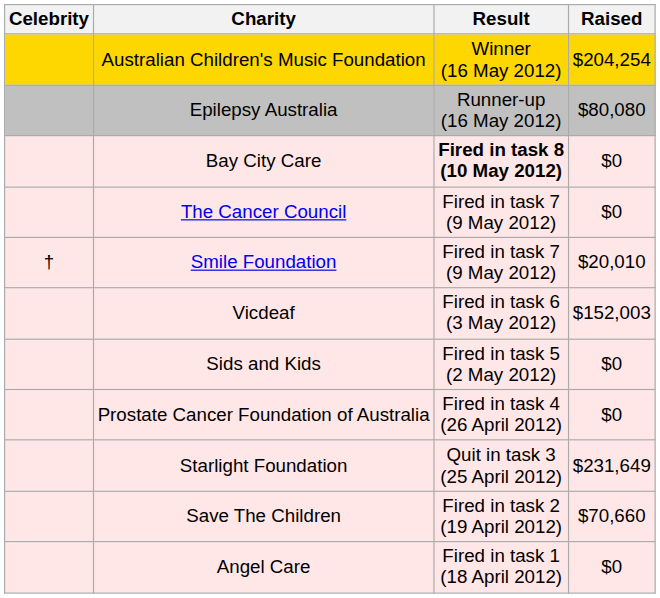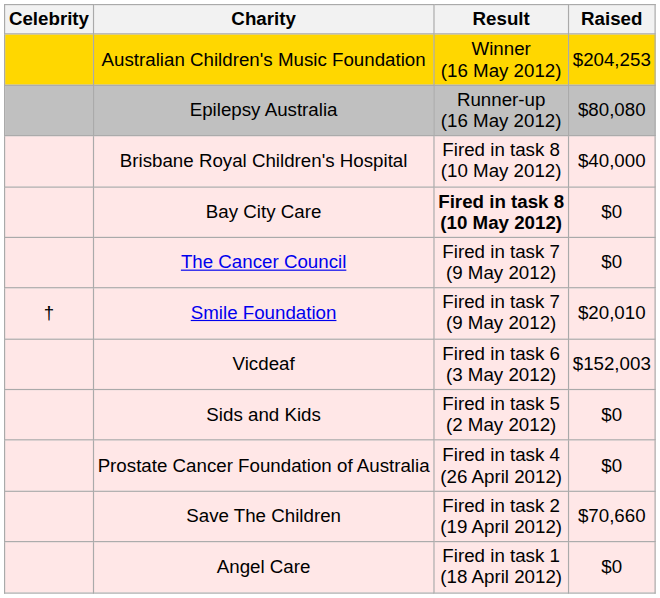 <table class="wikitable" style="text-align:center;">
 <tr>
 <th>Celebrity</th>
 <th>Charity</th>
 <th>Result</th>
 <th>Raised</th>
 </tr>
 <tr style="background:gold;">
 <td></td>
 <td>Australian Children's Music Foundation</td>
 <td>Winner<br>(16 May 2012)</td>
-<td>$204,254</td>
+<td>$204,253</td>
 </tr>
 <tr style="background:silver;">
 <td></td>
 <td>Epilepsy Australia</td>
 <td>Runner-up<br>(16 May 2012)</td>
 <td>$80,080</td>
+</tr>
+<tr style="background:#ffe7e7;">
+<td></td>
+<td>Brisbane Royal Children's Hospital</td>
+<td>Fired in task 8 <br>(10 May 2012)</td>
+<td>$40,000</td>
 </tr>
 <tr style="background:#ffe7e7;">
 <td></td>
 <td>Bay City Care</td>
 <td><strong>Fired in task 8 <br>(10 May 2012)</strong></td>
 <td>$0</td>
 </tr>
 <tr style="background:#ffe7e7;">
 <td></td>
 <td><a href='#'>The Cancer Council</a></td>
 <td>Fired in task 7 <br>(9 May 2012)</td>
 <td>$0</td>
 </tr>
 <tr style="background:#ffe7e7;">
 <td>†</td>
 <td><a href='#'>Smile Foundation</a></td>
 <td>Fired in task 7 <br>(9 May 2012)</td>
 <td>$20,010</td>
 </tr>
 <tr style="background:#ffe7e7;">
 <td></td>
 <td>Vicdeaf</td>
 <td>Fired in task 6 <br>(3 May 2012)</td>
 <td>$152,003</td>
 </tr>
 <tr style="background:#ffe7e7;">
 <td></td>
 <td>Sids and Kids</td>
 <td>Fired in task 5 <br>(2 May 2012)</td>
 <td>$0</td>
 </tr>
 <tr style="background:#ffe7e7;">
 <td></td>
 <td>Prostate Cancer Foundation of Australia</td>
 <td>Fired in task 4 <br>(26 April 2012)</td>
 <td>$0</td>
 </tr>
 <tr style="background:#ffe7e7;">
 <td></td>
-<td>Starlight Foundation</td>
-<td>Quit in task 3 <br>(25 April 2012)</td>
-<td>$231,649</td>
-</tr>
-<tr style="background:#ffe7e7;">
-<td></td>
 <td>Save The Children</td>
 <td>Fired in task 2<br>(19 April 2012)</td>
 <td>$70,660</td>
 </tr>
 <tr style="background:#ffe7e7;">
 <td></td>
 <td>Angel Care</td>
 <td>Fired in task 1<br>(18 April 2012)</td>
 <td>$0</td>
 </tr>
 </table>
